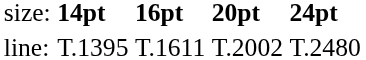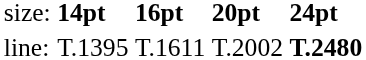 <table style="margin-left:40px;">
 <tr>
 <td>size:</td>
 <td><strong>14pt</strong></td>
 <td><strong>16pt</strong></td>
 <td><strong>20pt</strong></td>
 <td><strong>24pt</strong></td>
 </tr>
 <tr>
 <td>line:</td>
 <td>T.1395</td>
 <td>T.1611</td>
 <td>T.2002</td>
-<td>T.2480</td>
+<td><strong>T.2480</strong></td>
 </tr>
 </table>
